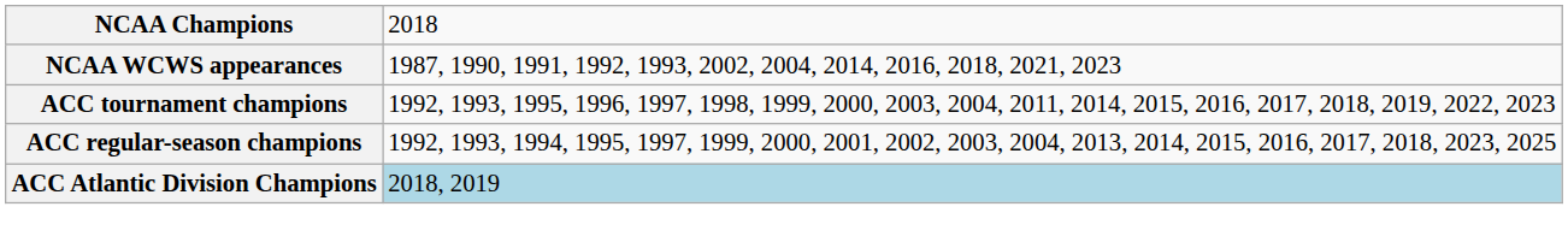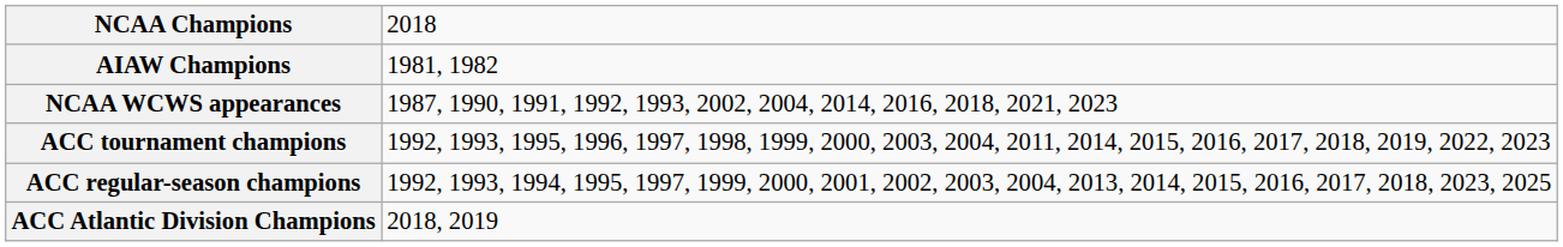 <table class="wikitable">
 <tr>
 <th>NCAA Champions</th>
 <td>2018</td>
+</tr>
+<tr>
+<th>AIAW Champions</th>
+<td>1981, 1982</td>
 </tr>
 <tr>
 <th>NCAA WCWS appearances</th>
 <td>1987, 1990, 1991, 1992, 1993, 2002, 2004, 2014, 2016, 2018, 2021, 2023</td>
 </tr>
 <tr>
 <th>ACC tournament champions</th>
 <td>1992, 1993, 1995, 1996, 1997, 1998, 1999, 2000, 2003, 2004, 2011, 2014, 2015, 2016, 2017, 2018, 2019, 2022, 2023</td>
 </tr>
 <tr>
 <th>ACC regular-season champions</th>
 <td>1992, 1993, 1994, 1995, 1997, 1999, 2000, 2001, 2002, 2003, 2004, 2013, 2014, 2015, 2016, 2017, 2018, 2023, 2025</td>
 </tr>
 <tr>
 <th>ACC Atlantic Division Champions</th>
-<td style="background: lightblue;">2018, 2019</td>
+<td>2018, 2019</td>
 </tr>
 </table>
